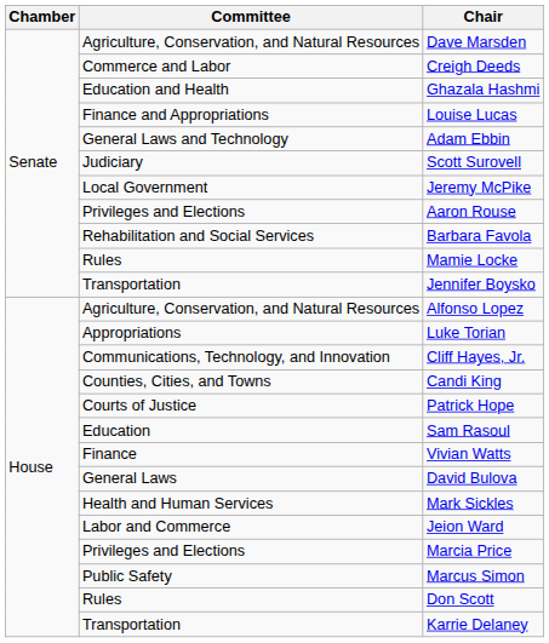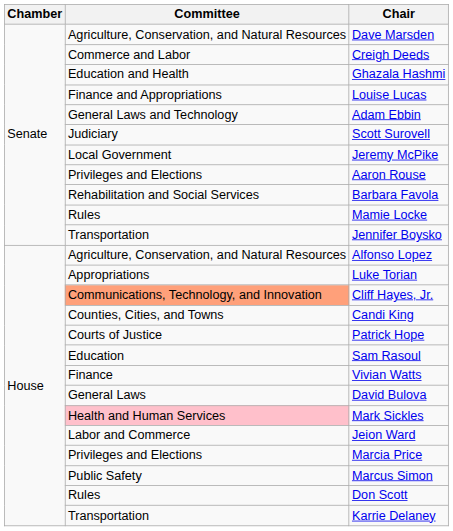 <table class="wikitable">
 <tr>
 <th>Chamber</th>
 <th>Committee</th>
 <th>Chair</th>
 </tr>
 <tr>
 <td rowspan="11">Senate</td>
 <td>Agriculture, Conservation, and Natural Resources</td>
 <td><a href='#'>Dave Marsden</a></td>
 </tr>
 <tr>
 <td>Commerce and Labor</td>
 <td><a href='#'>Creigh Deeds</a></td>
 </tr>
 <tr>
 <td>Education and Health</td>
 <td><a href='#'>Ghazala Hashmi</a></td>
 </tr>
 <tr>
 <td>Finance and Appropriations</td>
 <td><a href='#'>Louise Lucas</a></td>
 </tr>
 <tr>
 <td>General Laws and Technology</td>
 <td><a href='#'>Adam Ebbin</a></td>
 </tr>
 <tr>
 <td>Judiciary</td>
 <td><a href='#'>Scott Surovell</a></td>
 </tr>
 <tr>
 <td>Local Government</td>
 <td><a href='#'>Jeremy McPike</a></td>
 </tr>
 <tr>
 <td>Privileges and Elections</td>
 <td><a href='#'>Aaron Rouse</a></td>
 </tr>
 <tr>
 <td>Rehabilitation and Social Services</td>
 <td><a href='#'>Barbara Favola</a></td>
 </tr>
 <tr>
 <td>Rules</td>
 <td><a href='#'>Mamie Locke</a></td>
 </tr>
 <tr>
 <td>Transportation</td>
 <td><a href='#'>Jennifer Boysko</a></td>
 </tr>
 <tr>
 <td rowspan="14">House</td>
 <td>Agriculture, Conservation, and Natural Resources</td>
 <td><a href='#'>Alfonso Lopez</a></td>
 </tr>
 <tr>
 <td>Appropriations</td>
 <td><a href='#'>Luke Torian</a></td>
 </tr>
 <tr>
-<td>Communications, Technology, and Innovation</td>
+<td style="background: lightsalmon;">Communications, Technology, and Innovation</td>
 <td><a href='#'>Cliff Hayes, Jr.</a></td>
 </tr>
 <tr>
 <td>Counties, Cities, and Towns</td>
 <td><a href='#'>Candi King</a></td>
 </tr>
 <tr>
 <td>Courts of Justice</td>
 <td><a href='#'>Patrick Hope</a></td>
 </tr>
 <tr>
 <td>Education</td>
 <td><a href='#'>Sam Rasoul</a></td>
 </tr>
 <tr>
 <td>Finance</td>
 <td><a href='#'>Vivian Watts</a></td>
 </tr>
 <tr>
 <td>General Laws</td>
 <td><a href='#'>David Bulova</a></td>
 </tr>
 <tr>
-<td>Health and Human Services</td>
+<td style="background: pink;">Health and Human Services</td>
 <td><a href='#'>Mark Sickles</a></td>
 </tr>
 <tr>
 <td>Labor and Commerce</td>
 <td><a href='#'>Jeion Ward</a></td>
 </tr>
 <tr>
 <td>Privileges and Elections</td>
 <td><a href='#'>Marcia Price</a></td>
 </tr>
 <tr>
 <td>Public Safety</td>
 <td><a href='#'>Marcus Simon</a></td>
 </tr>
 <tr>
 <td>Rules</td>
 <td><a href='#'>Don Scott</a></td>
 </tr>
 <tr>
 <td>Transportation</td>
 <td><a href='#'>Karrie Delaney</a></td>
 </tr>
 </table>
